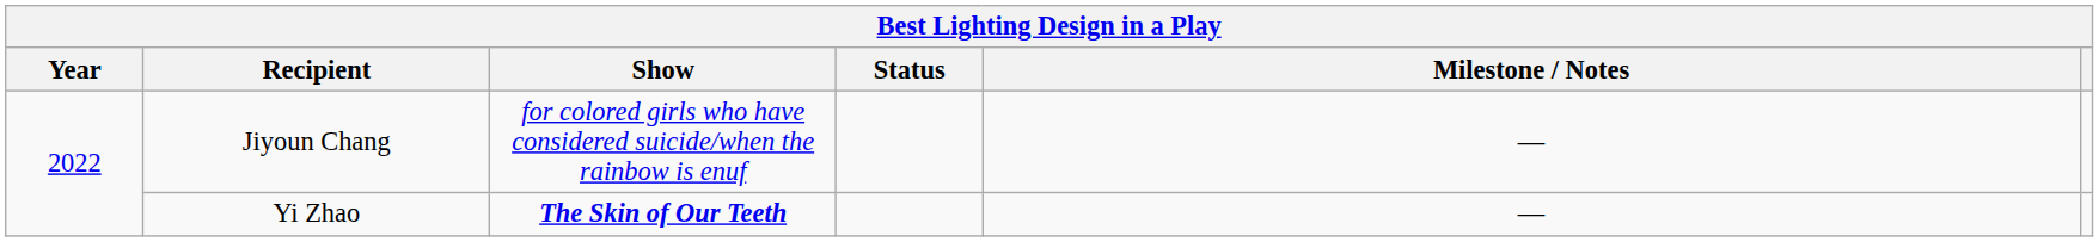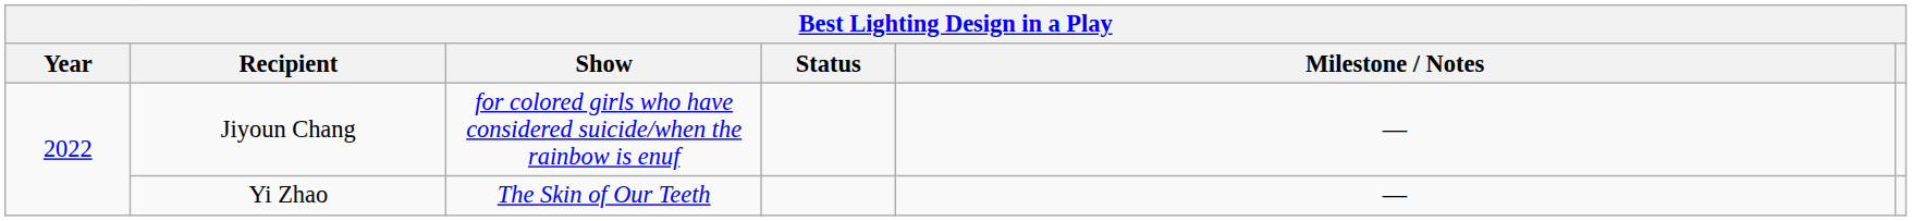 <table class="wikitable sortable mw-collapsible" style="text-align: center">
 <tr>
 <th colspan="6" style="text-align:center;"><strong><a href='#'>Best Lighting Design in a Play</a></strong></th>
 </tr>
 <tr style="background:#ebft5ff;">
 <th style="width:075px;">Year</th>
 <th style="width:200px;">Recipient</th>
 <th style="width:200px;">Show</th>
 <th style="width:080px;">Status</th>
 <th style="width:650px;">Milestone / Notes</th>
 <th></th>
 </tr>
 <tr>
 <td rowspan="2"><a href='#'>2022</a></td>
 <td>Jiyoun Chang</td>
 <td><em><a href='#'>for colored girls who have considered suicide/when the rainbow is enuf</a></em></td>
 <td></td>
 <td>—</td>
 <td></td>
 </tr>
 <tr>
 <td>Yi Zhao</td>
-<td><strong><em><a href='#'>The Skin of Our Teeth</a></em></strong></td>
+<td><em><a href='#'>The Skin of Our Teeth</a></em></td>
 <td></td>
 <td>—</td>
 <td></td>
 </tr>
 </table>
